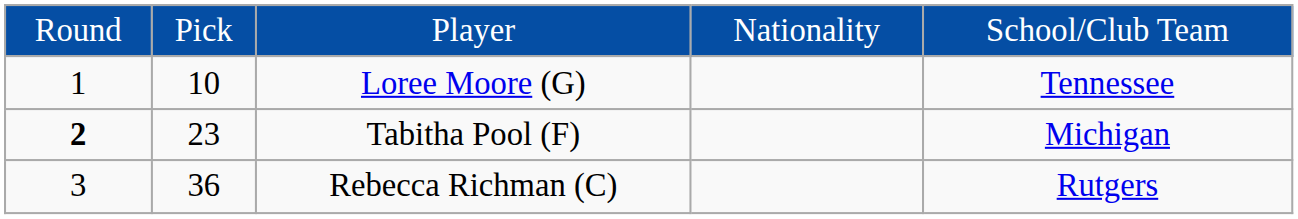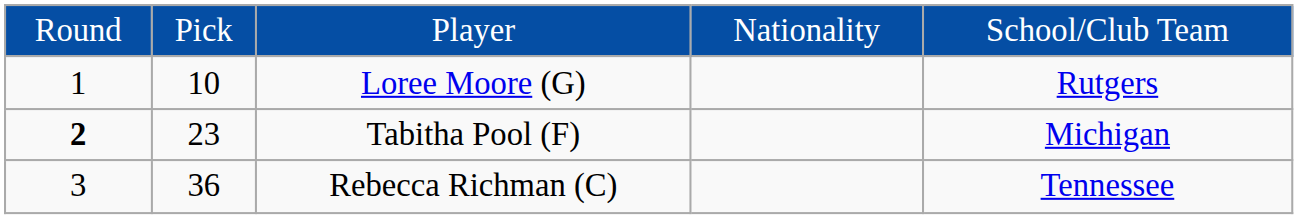 <table class="wikitable" width="50%">
 <tr align="center" style="background:#054ea4; color:white;">
 <td>Round</td>
 <td>Pick</td>
 <td>Player</td>
 <td>Nationality</td>
 <td>School/Club Team</td>
 </tr>
 <tr align="center">
 <td>1</td>
 <td>10</td>
 <td><a href='#'>Loree Moore</a> (G)</td>
 <td></td>
-<td><a href='#'>Tennessee</a></td>
+<td><a href='#'>Rutgers</a></td>
 </tr>
 <tr align="center">
 <td><strong>2</strong></td>
 <td>23</td>
 <td>Tabitha Pool (F)</td>
 <td></td>
 <td><a href='#'>Michigan</a></td>
 </tr>
 <tr align="center">
 <td>3</td>
 <td>36</td>
 <td>Rebecca Richman (C)</td>
 <td></td>
-<td><a href='#'>Rutgers</a></td>
+<td><a href='#'>Tennessee</a></td>
 </tr>
 </table>
